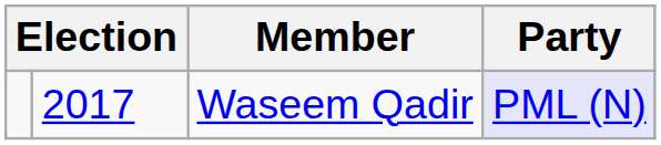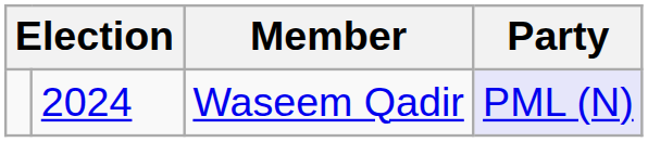 <table class="wikitable">
 <tr>
 <th colspan="2">Election</th>
 <th>Member</th>
 <th>Party</th>
 </tr>
 <tr>
 <td style="background-color: "></td>
-<td><a href='#'>2017</a></td>
+<td><a href='#'>2024</a></td>
 <td><a href='#'>Waseem Qadir</a></td>
 <td style="background: lavender;"><a href='#'>PML (N)</a></td>
 </tr>
 </table>
